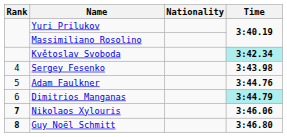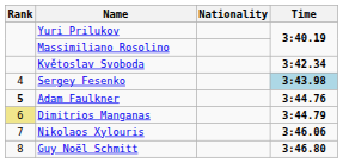 <table class="wikitable">
 <tr>
 <th>Rank</th>
 <th style="width: 15em">Name</th>
 <th>Nationality</th>
 <th style="width: 6em">Time</th>
 </tr>
 <tr>
 <td rowspan=2 align="center"></td>
 <td><a href='#'>Yuri Prilukov</a></td>
 <td></td>
 <td rowspan=2 align="center"><strong>3:40.19</strong></td>
 </tr>
 <tr>
 <td><a href='#'>Massimiliano Rosolino</a></td>
 <td></td>
 </tr>
 <tr>
 <td align="center"></td>
 <td><a href='#'>Květoslav Svoboda</a></td>
 <td></td>
-<td align="center" style="background: paleturquoise;"><strong>3:42.34</strong></td>
+<td align="center"><strong>3:42.34</strong></td>
 </tr>
 <tr>
 <td align="center">4</td>
 <td><a href='#'>Sergey Fesenko</a></td>
 <td></td>
-<td align="center"><strong>3:43.98</strong></td>
+<td align="center" style="background: lightblue;"><strong>3:43.98</strong></td>
 </tr>
 <tr>
-<td align="center">5</td>
+<td align="center"><strong>5</strong></td>
 <td><a href='#'>Adam Faulkner</a></td>
 <td></td>
 <td align="center"><strong>3:44.76</strong></td>
 </tr>
 <tr>
-<td align="center">6</td>
+<td align="center" style="background: khaki;">6</td>
 <td><a href='#'>Dimitrios Manganas</a></td>
 <td></td>
-<td align="center" style="background: paleturquoise;"><strong>3:44.79</strong></td>
+<td align="center"><strong>3:44.79</strong></td>
 </tr>
 <tr>
-<td align="center"><strong>7</strong></td>
+<td align="center">7</td>
 <td><a href='#'>Nikolaos Xylouris</a></td>
 <td></td>
 <td align="center"><strong>3:46.06</strong></td>
 </tr>
 <tr>
-<td align="center"><strong>8</strong></td>
+<td align="center">8</td>
 <td><a href='#'>Guy Noël Schmitt</a></td>
 <td></td>
 <td align="center"><strong>3:46.80</strong></td>
 </tr>
 </table>
